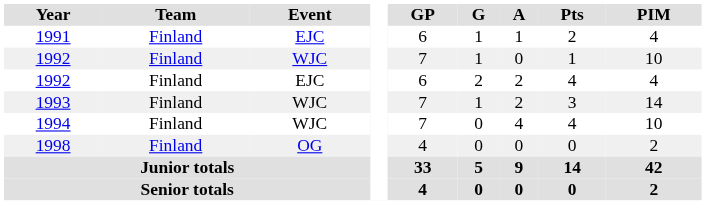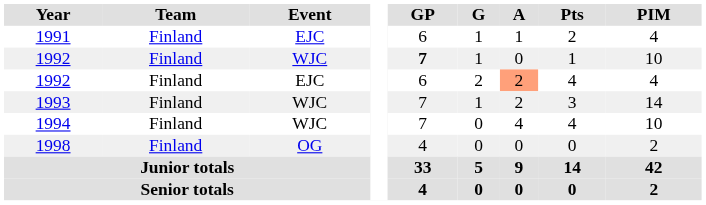 <table border="0" cellpadding="1" cellspacing="0" style="text-align:center; width:40em">
 <tr ALIGN="center" bgcolor="#e0e0e0">
 <th>Year</th>
 <th>Team</th>
 <th>Event</th>
 <th rowspan="99" bgcolor="#ffffff"> </th>
 <th>GP</th>
 <th>G</th>
 <th>A</th>
 <th>Pts</th>
 <th>PIM</th>
 </tr>
 <tr>
 <td><a href='#'>1991</a></td>
 <td><a href='#'>Finland</a></td>
 <td><a href='#'>EJC</a></td>
 <td>6</td>
 <td>1</td>
 <td>1</td>
 <td>2</td>
 <td>4</td>
 </tr>
 <tr bgcolor="#f0f0f0">
 <td><a href='#'>1992</a></td>
 <td><a href='#'>Finland</a></td>
 <td><a href='#'>WJC</a></td>
-<td>7</td>
+<td><strong>7</strong></td>
 <td>1</td>
 <td>0</td>
 <td>1</td>
 <td>10</td>
 </tr>
 <tr>
 <td><a href='#'>1992</a></td>
 <td>Finland</td>
 <td>EJC</td>
 <td>6</td>
 <td>2</td>
-<td>2</td>
+<td style="background: lightsalmon;">2</td>
 <td>4</td>
 <td>4</td>
 </tr>
 <tr bgcolor="#f0f0f0">
 <td><a href='#'>1993</a></td>
 <td>Finland</td>
 <td>WJC</td>
 <td>7</td>
 <td>1</td>
 <td>2</td>
 <td>3</td>
 <td>14</td>
 </tr>
 <tr>
 <td><a href='#'>1994</a></td>
 <td>Finland</td>
 <td>WJC</td>
 <td>7</td>
 <td>0</td>
 <td>4</td>
 <td>4</td>
 <td>10</td>
 </tr>
 <tr bgcolor="#f0f0f0">
 <td><a href='#'>1998</a></td>
 <td><a href='#'>Finland</a></td>
 <td><a href='#'>OG</a></td>
 <td>4</td>
 <td>0</td>
 <td>0</td>
 <td>0</td>
 <td>2</td>
 </tr>
 <tr bgcolor="#e0e0e0">
 <th colspan=3>Junior totals</th>
 <th>33</th>
 <th>5</th>
 <th>9</th>
 <th>14</th>
 <th>42</th>
 </tr>
 <tr bgcolor="#e0e0e0">
 <th colspan=3>Senior totals</th>
 <th>4</th>
 <th>0</th>
 <th>0</th>
 <th>0</th>
 <th>2</th>
 </tr>
 </table>
